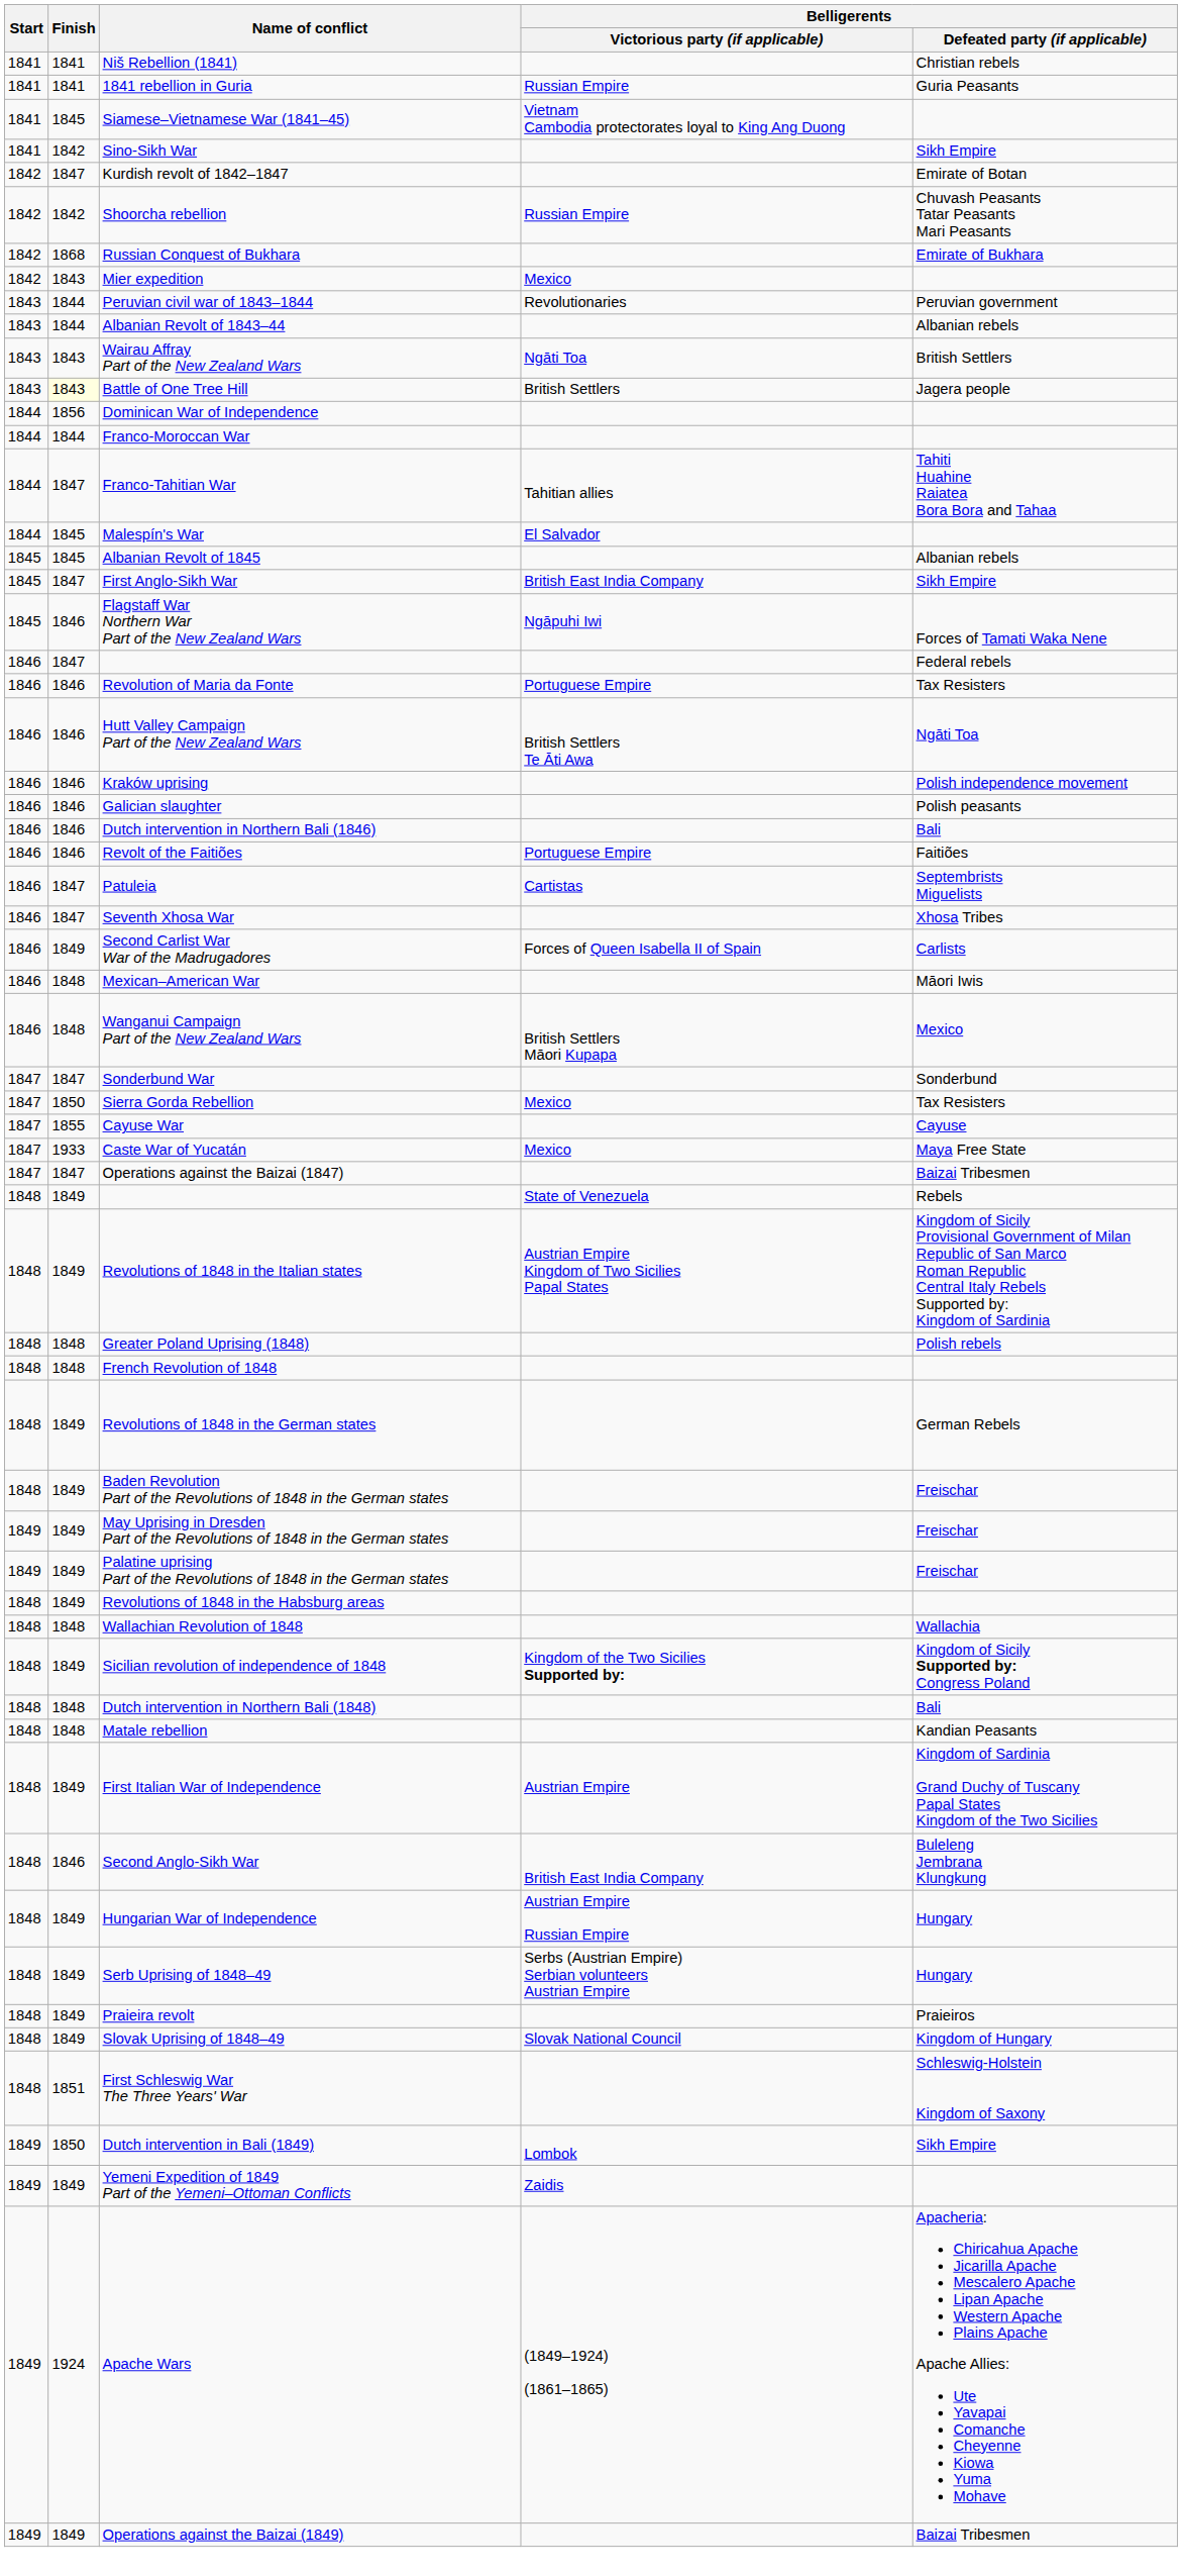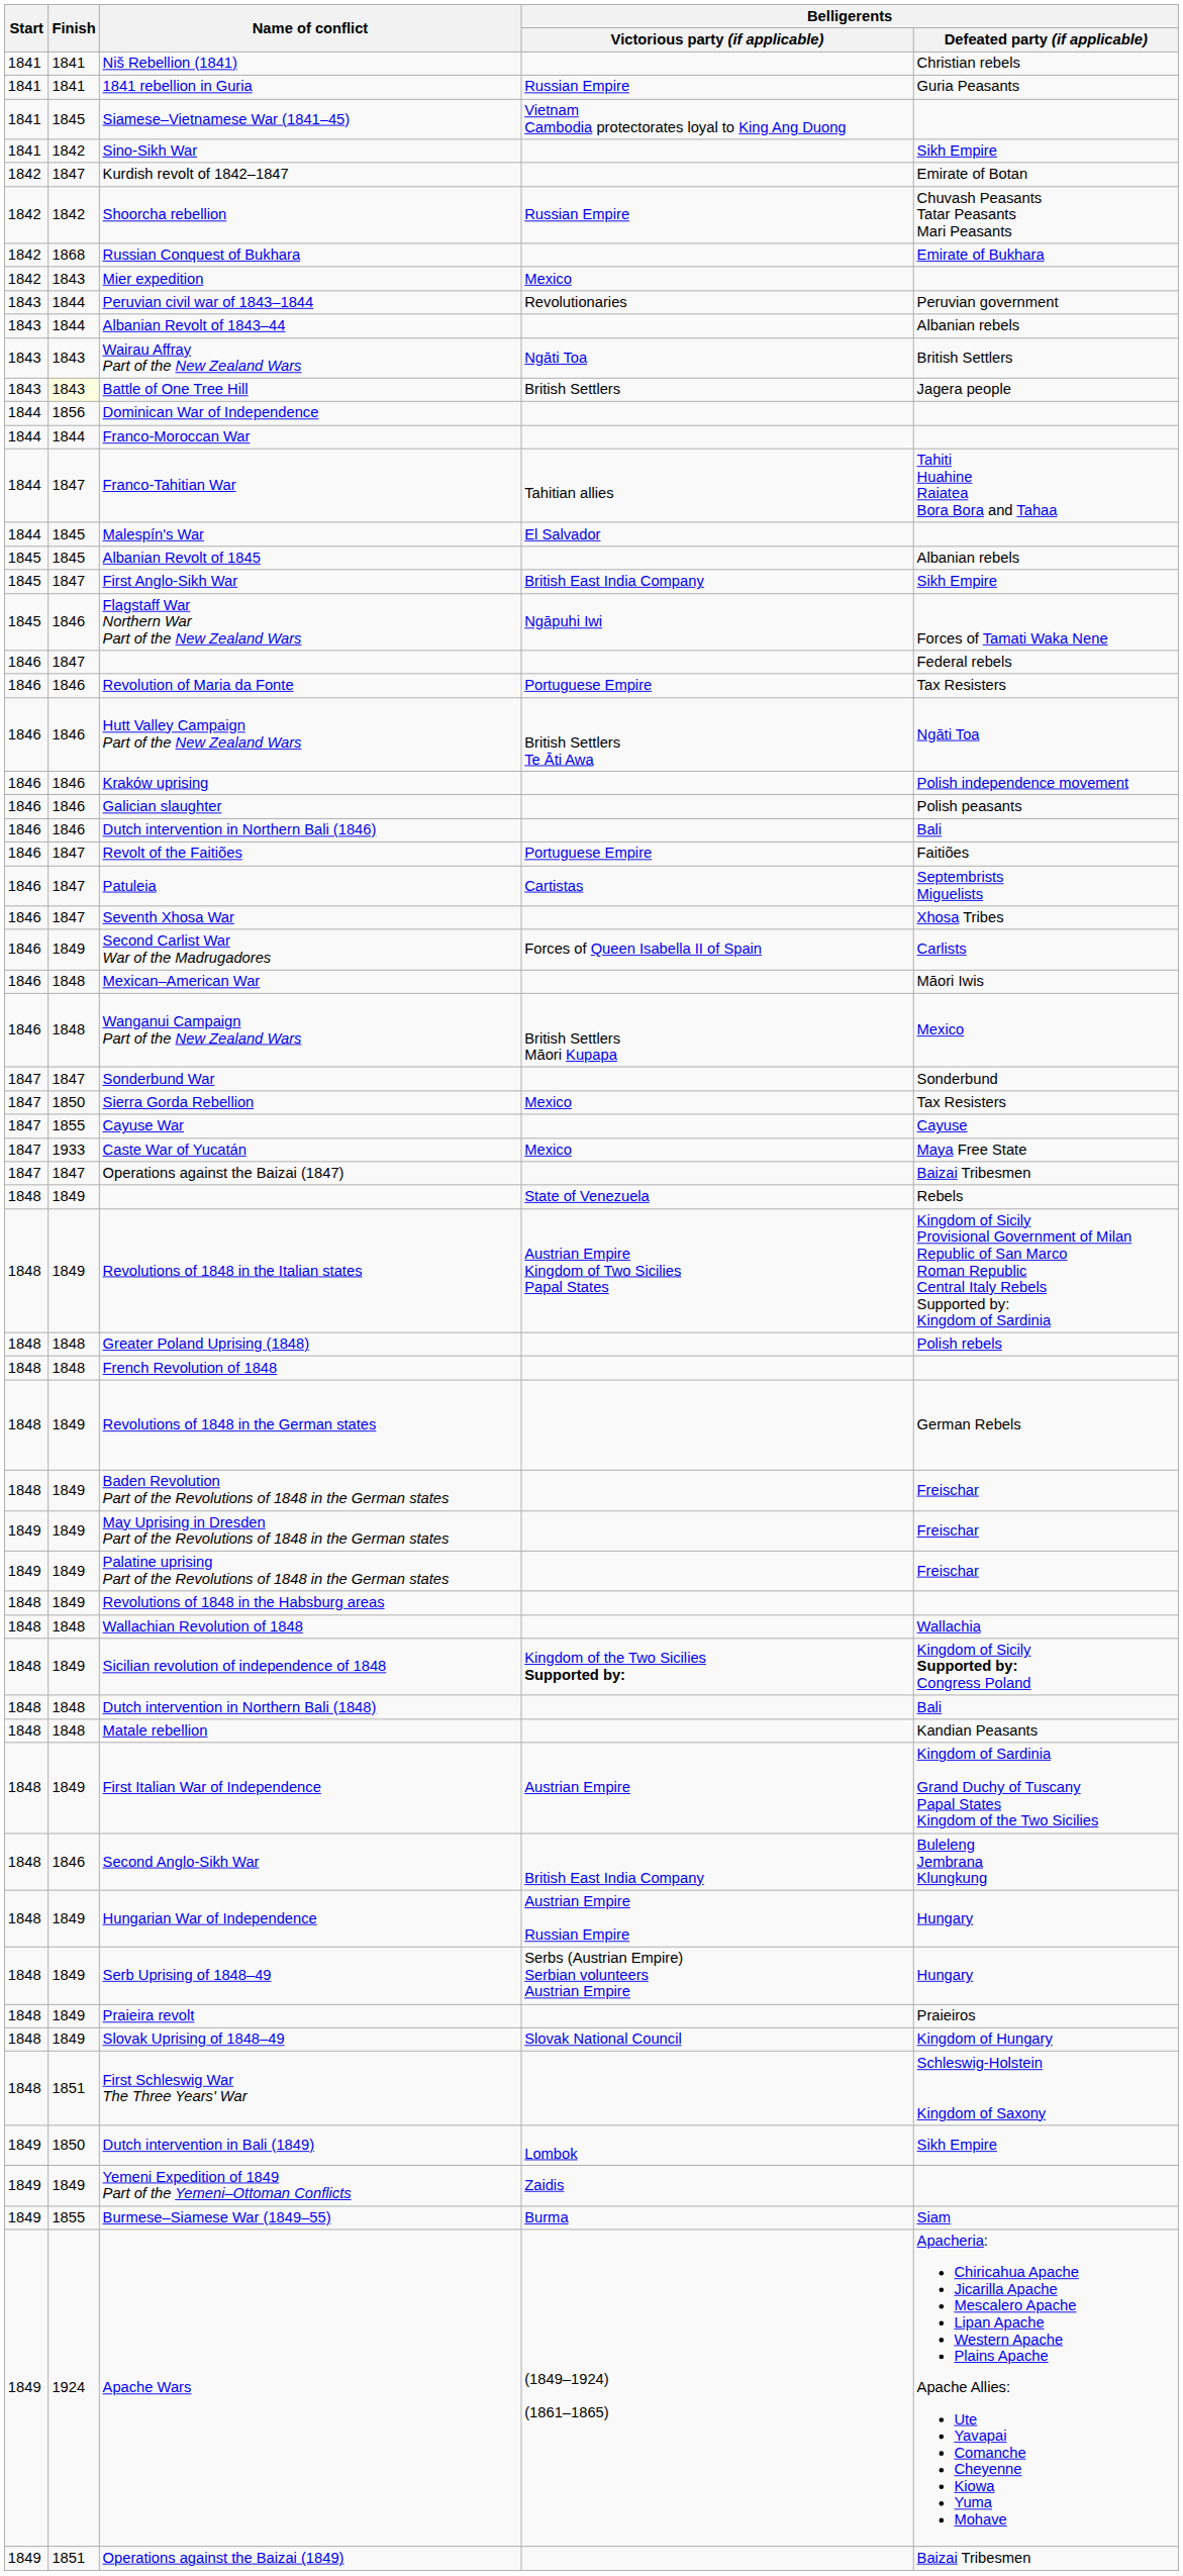 <table class="wikitable sortable" width="100%">
 <tr>
 <th rowspan="2" width="40">Start</th>
 <th rowspan="2" width="40">Finish</th>
 <th rowspan="2" class="unsortable">Name of conflict</th>
 <th colspan="2" class="unsortable">Belligerents</th>
 </tr>
 <tr>
 <th>Victorious party <em>(if applicable)</em></th>
 <th>Defeated party <em>(if applicable)</em></th>
 </tr>
 <tr>
 <td>1841</td>
 <td>1841</td>
 <td><a href='#'>Niš Rebellion (1841)</a></td>
 <td></td>
 <td>Christian rebels</td>
 </tr>
 <tr>
 <td>1841</td>
 <td>1841</td>
 <td><a href='#'>1841 rebellion in Guria</a></td>
 <td> <a href='#'>Russian Empire</a></td>
 <td>Guria Peasants</td>
 </tr>
 <tr>
 <td>1841</td>
 <td>1845</td>
 <td><a href='#'>Siamese–Vietnamese War (1841–45)</a></td>
 <td><a href='#'>Vietnam</a> <br> <a href='#'>Cambodia</a> protectorates loyal to <a href='#'>King Ang Duong</a></td>
 </tr>
 <tr>
 <td>1841</td>
 <td>1842</td>
 <td><a href='#'>Sino-Sikh War</a></td>
 <td></td>
 <td> <a href='#'>Sikh Empire</a></td>
 </tr>
 <tr>
 <td>1842</td>
 <td>1847</td>
 <td>Kurdish revolt of 1842–1847</td>
 <td></td>
 <td>Emirate of Botan</td>
 </tr>
 <tr>
 <td>1842</td>
 <td>1842</td>
 <td><a href='#'>Shoorcha rebellion</a></td>
 <td> <a href='#'>Russian Empire</a></td>
 <td>Chuvash Peasants <br> Tatar Peasants <br> Mari Peasants</td>
 </tr>
 <tr>
 <td>1842</td>
 <td>1868</td>
 <td><a href='#'>Russian Conquest of Bukhara</a></td>
 <td></td>
 <td> <a href='#'>Emirate of Bukhara</a></td>
 </tr>
 <tr>
 <td>1842</td>
 <td>1843</td>
 <td><a href='#'>Mier expedition</a></td>
 <td> <a href='#'>Mexico</a></td>
 <td></td>
 </tr>
 <tr>
 <td>1843</td>
 <td>1844</td>
 <td><a href='#'>Peruvian civil war of 1843–1844</a></td>
 <td>Revolutionaries</td>
 <td>Peruvian government</td>
 </tr>
 <tr>
 <td>1843</td>
 <td>1844</td>
 <td><a href='#'>Albanian Revolt of 1843–44</a></td>
 <td></td>
 <td>Albanian rebels</td>
 </tr>
 <tr>
 <td>1843</td>
 <td>1843</td>
 <td><a href='#'>Wairau Affray</a><br><em>Part of the <a href='#'>New Zealand Wars</a></em></td>
 <td> <a href='#'>Ngāti Toa</a></td>
 <td> British Settlers</td>
 </tr>
 <tr>
 <td>1843</td>
 <td style="background: lightyellow;">1843</td>
 <td><a href='#'>Battle of One Tree Hill</a></td>
 <td> British Settlers</td>
 <td>Jagera people</td>
 </tr>
 <tr>
 <td>1844</td>
 <td>1856</td>
 <td><a href='#'>Dominican War of Independence</a></td>
 <td></td>
 <td></td>
 </tr>
 <tr>
 <td>1844</td>
 <td>1844</td>
 <td><a href='#'>Franco-Moroccan War</a></td>
 <td></td>
 <td></td>
 </tr>
 <tr>
 <td>1844</td>
 <td>1847</td>
 <td><a href='#'>Franco-Tahitian War</a></td>
 <td><br>Tahitian allies</td>
 <td> <a href='#'>Tahiti</a><br> <a href='#'>Huahine</a><br> <a href='#'>Raiatea</a><br> <a href='#'>Bora Bora</a> and <a href='#'>Tahaa</a></td>
 </tr>
 <tr>
 <td>1844</td>
 <td>1845</td>
 <td><a href='#'>Malespín's War</a></td>
 <td> <a href='#'>El Salvador</a><br></td>
 <td></td>
 </tr>
 <tr>
 <td>1845</td>
 <td>1845</td>
 <td><a href='#'>Albanian Revolt of 1845</a></td>
 <td></td>
 <td>Albanian rebels</td>
 </tr>
 <tr>
 <td>1845</td>
 <td>1847</td>
 <td><a href='#'>First Anglo-Sikh War</a></td>
 <td> <a href='#'>British East India Company</a></td>
 <td> <a href='#'>Sikh Empire</a></td>
 </tr>
 <tr>
 <td>1845</td>
 <td>1846</td>
 <td><a href='#'>Flagstaff War</a><br><em>Northern War</em><br><em>Part of the <a href='#'>New Zealand Wars</a></em></td>
 <td> <a href='#'>Ngāpuhi Iwi</a></td>
 <td><br><br> Forces of <a href='#'>Tamati Waka Nene</a></td>
 </tr>
 <tr>
 <td>1846</td>
 <td>1847</td>
 <td></td>
 <td></td>
 <td> Federal rebels</td>
 </tr>
 <tr>
 <td>1846</td>
 <td>1846</td>
 <td><a href='#'>Revolution of Maria da Fonte</a></td>
 <td> <a href='#'>Portuguese Empire</a></td>
 <td>Tax Resisters</td>
 </tr>
 <tr>
 <td>1846</td>
 <td>1846</td>
 <td><a href='#'>Hutt Valley Campaign</a><br><em>Part of the <a href='#'>New Zealand Wars</a></em></td>
 <td><br><br> British Settlers<br>  <a href='#'>Te Āti Awa</a></td>
 <td> <a href='#'>Ngāti Toa</a><br></td>
 </tr>
 <tr>
 <td>1846</td>
 <td>1846</td>
 <td><a href='#'>Kraków uprising</a></td>
 <td></td>
 <td> <a href='#'>Polish independence movement</a></td>
 </tr>
 <tr>
 <td>1846</td>
 <td>1846</td>
 <td><a href='#'>Galician slaughter</a></td>
 <td></td>
 <td>Polish peasants</td>
 </tr>
 <tr>
 <td>1846</td>
 <td>1846</td>
 <td><a href='#'>Dutch intervention in Northern Bali (1846)</a></td>
 <td></td>
 <td><a href='#'>Bali</a></td>
 </tr>
 <tr>
 <td>1846</td>
-<td>1846</td>
+<td>1847</td>
 <td><a href='#'>Revolt of the Faitiões</a></td>
 <td> <a href='#'>Portuguese Empire</a></td>
 <td>Faitiões</td>
 </tr>
 <tr>
 <td>1846</td>
 <td>1847</td>
 <td><a href='#'>Patuleia</a></td>
 <td><a href='#'>Cartistas</a></td>
 <td><a href='#'>Septembrists</a> <br> <a href='#'>Miguelists</a></td>
 </tr>
 <tr>
 <td>1846</td>
 <td>1847</td>
 <td><a href='#'>Seventh Xhosa War</a></td>
 <td></td>
 <td><a href='#'>Xhosa</a> Tribes</td>
 </tr>
 <tr>
 <td>1846</td>
 <td>1849</td>
 <td><a href='#'>Second Carlist War</a><br><em>War of the Madrugadores</em></td>
 <td> Forces of <a href='#'>Queen Isabella II of Spain</a></td>
 <td> <a href='#'>Carlists</a></td>
 </tr>
 <tr>
 <td>1846</td>
 <td>1848</td>
 <td><a href='#'>Mexican–American War</a></td>
 <td></td>
 <td> Māori Iwis</td>
 </tr>
 <tr>
 <td>1846</td>
 <td>1848</td>
 <td><a href='#'>Wanganui Campaign</a><br><em>Part of the <a href='#'>New Zealand Wars</a></em></td>
 <td><br><br> British Settlers<br>  Māori <a href='#'>Kupapa</a></td>
 <td> <a href='#'>Mexico</a></td>
 </tr>
 <tr>
 <td>1847</td>
 <td>1847</td>
 <td><a href='#'>Sonderbund War</a></td>
 <td></td>
 <td>Sonderbund</td>
 </tr>
 <tr>
 <td>1847</td>
 <td>1850</td>
 <td><a href='#'>Sierra Gorda Rebellion</a></td>
 <td> <a href='#'>Mexico</a></td>
 <td>Tax Resisters</td>
 </tr>
 <tr>
 <td>1847</td>
 <td>1855</td>
 <td><a href='#'>Cayuse War</a></td>
 <td></td>
 <td><a href='#'>Cayuse</a></td>
 </tr>
 <tr>
 <td>1847</td>
 <td>1933</td>
 <td><a href='#'>Caste War of Yucatán</a></td>
 <td> <a href='#'>Mexico</a></td>
 <td><a href='#'>Maya</a> Free State</td>
 </tr>
 <tr>
 <td>1847</td>
 <td>1847</td>
 <td>Operations against the Baizai (1847)</td>
 <td></td>
 <td><a href='#'>Baizai</a> Tribesmen</td>
 </tr>
 <tr>
 <td>1848</td>
 <td>1849</td>
 <td></td>
 <td><a href='#'>State of Venezuela</a></td>
 <td>Rebels</td>
 </tr>
 <tr>
 <td>1848</td>
 <td>1849</td>
 <td><a href='#'>Revolutions of 1848 in the Italian states</a></td>
 <td> <a href='#'>Austrian Empire</a><br> <a href='#'>Kingdom of Two Sicilies</a><br> <a href='#'>Papal States</a></td>
 <td> <a href='#'>Kingdom of Sicily</a><br> <a href='#'>Provisional Government of Milan</a><br> <a href='#'>Republic of San Marco</a><br> <a href='#'>Roman Republic</a><br> <a href='#'>Central Italy Rebels</a><br>Supported by:<br> <a href='#'>Kingdom of Sardinia</a></td>
 </tr>
 <tr>
 <td>1848</td>
 <td>1848</td>
 <td><a href='#'>Greater Poland Uprising (1848)</a></td>
 <td></td>
 <td><a href='#'>Polish rebels</a></td>
 </tr>
 <tr>
 <td>1848</td>
 <td>1848</td>
 <td><a href='#'>French Revolution of 1848</a></td>
 <td></td>
 <td></td>
 </tr>
 <tr>
 <td>1848</td>
 <td>1849</td>
 <td><a href='#'>Revolutions of 1848 in the German states</a></td>
 <td><br><br><br><br><br></td>
 <td>German Rebels</td>
 </tr>
 <tr>
 <td>1848</td>
 <td>1849</td>
 <td><a href='#'>Baden Revolution</a> <br> <em>Part of the Revolutions of 1848 in the German states</em></td>
 <td></td>
 <td><a href='#'>Freischar</a></td>
 </tr>
 <tr>
 <td>1849</td>
 <td>1849</td>
 <td><a href='#'>May Uprising in Dresden</a> <br> <em>Part of the Revolutions of 1848 in the German states</em></td>
 <td><br></td>
 <td><a href='#'>Freischar</a></td>
 </tr>
 <tr>
 <td>1849</td>
 <td>1849</td>
 <td><a href='#'>Palatine uprising</a> <br> <em>Part of the Revolutions of 1848 in the German states</em></td>
 <td></td>
 <td><a href='#'>Freischar</a></td>
 </tr>
 <tr>
 <td>1848</td>
 <td>1849</td>
 <td><a href='#'>Revolutions of 1848 in the Habsburg areas</a></td>
 <td></td>
 <td></td>
 </tr>
 <tr>
 <td>1848</td>
 <td>1848</td>
 <td><a href='#'>Wallachian Revolution of 1848</a></td>
 <td><br></td>
 <td> <a href='#'>Wallachia</a></td>
 </tr>
 <tr>
 <td>1848</td>
 <td>1849</td>
 <td><a href='#'>Sicilian revolution of independence of 1848</a></td>
 <td> <a href='#'>Kingdom of the Two Sicilies</a><br><strong>Supported by:</strong><br></td>
 <td> <a href='#'>Kingdom of Sicily</a><br><strong>Supported by:</strong><br> <a href='#'>Congress Poland</a></td>
 </tr>
 <tr>
 <td>1848</td>
 <td>1848</td>
 <td><a href='#'>Dutch intervention in Northern Bali (1848)</a></td>
 <td></td>
 <td><a href='#'>Bali</a></td>
 </tr>
 <tr>
 <td>1848</td>
 <td>1848</td>
 <td><a href='#'>Matale rebellion</a></td>
 <td></td>
 <td>Kandian Peasants</td>
 </tr>
 <tr>
 <td>1848</td>
 <td>1849</td>
 <td><a href='#'>First Italian War of Independence</a></td>
 <td> <a href='#'>Austrian Empire</a></td>
 <td> <a href='#'>Kingdom of Sardinia</a><br><br> <a href='#'>Grand Duchy of Tuscany</a><br>  <a href='#'>Papal States</a><br>  <a href='#'>Kingdom of the Two Sicilies</a></td>
 </tr>
 <tr>
 <td>1848</td>
 <td>1846</td>
 <td><a href='#'>Second Anglo-Sikh War</a></td>
 <td><br><br> <a href='#'>British East India Company</a></td>
 <td><a href='#'>Buleleng</a><br> <a href='#'>Jembrana</a><br> <a href='#'>Klungkung</a></td>
 </tr>
 <tr>
 <td>1848</td>
 <td>1849</td>
 <td><a href='#'>Hungarian War of Independence</a></td>
 <td> <a href='#'>Austrian Empire</a><br><br> <a href='#'>Russian Empire</a></td>
 <td> <a href='#'>Hungary</a></td>
 </tr>
 <tr>
 <td>1848</td>
 <td>1849</td>
 <td><a href='#'>Serb Uprising of 1848–49</a></td>
 <td> Serbs (Austrian Empire)<br> <a href='#'>Serbian volunteers</a><br>  <a href='#'>Austrian Empire</a></td>
 <td> <a href='#'>Hungary</a></td>
 </tr>
 <tr>
 <td>1848</td>
 <td>1849</td>
 <td><a href='#'>Praieira revolt</a></td>
 <td></td>
 <td>Praieiros</td>
 </tr>
 <tr>
 <td>1848</td>
 <td>1849</td>
 <td><a href='#'>Slovak Uprising of 1848–49</a></td>
 <td> <a href='#'>Slovak National Council</a></td>
 <td> <a href='#'>Kingdom of Hungary</a></td>
 </tr>
 <tr>
 <td>1848</td>
 <td>1851</td>
 <td><a href='#'>First Schleswig War</a><br><em>The Three Years' War</em></td>
 <td></td>
 <td><a href='#'>Schleswig-Holstein</a><br><br><br>  <a href='#'>Kingdom of Saxony</a></td>
 </tr>
 <tr>
 <td>1849</td>
 <td>1850</td>
 <td><a href='#'>Dutch intervention in Bali (1849)</a></td>
 <td><br><a href='#'>Lombok</a></td>
 <td> <a href='#'>Sikh Empire</a></td>
 </tr>
 <tr>
 <td>1849</td>
 <td>1849</td>
 <td><a href='#'>Yemeni Expedition of 1849</a><br><em>Part of the <a href='#'>Yemeni–Ottoman Conflicts</a></em></td>
 <td><a href='#'>Zaidis</a></td>
 <td></td>
 </tr>
 <tr>
 <td>1849</td>
+<td>1855</td>
+<td><a href='#'>Burmese–Siamese War (1849–55)</a></td>
+<td><a href='#'>Burma</a></td>
+<td> <a href='#'>Siam</a></td>
+</tr>
+<tr>
+<td>1849</td>
 <td>1924</td>
 <td><a href='#'>Apache Wars</a></td>
 <td><br>(1849–1924)<br><br>(1861–1865)</td>
 <td><a href='#'>Apacheria</a>:<br><ul><li><a href='#'>Chiricahua Apache</a></li><li><a href='#'>Jicarilla Apache</a></li><li><a href='#'>Mescalero Apache</a></li><li><a href='#'>Lipan Apache</a></li><li><a href='#'>Western Apache</a></li><li><a href='#'>Plains Apache</a></li></ul>Apache Allies:<ul><li><a href='#'>Ute</a></li><li><a href='#'>Yavapai</a></li><li><a href='#'>Comanche</a></li><li><a href='#'>Cheyenne</a></li><li><a href='#'>Kiowa</a></li><li><a href='#'>Yuma</a></li><li><a href='#'>Mohave</a></li></ul></td>
 </tr>
 <tr>
 <td>1849</td>
-<td>1849</td>
+<td>1851</td>
 <td><a href='#'>Operations against the Baizai (1849)</a></td>
 <td></td>
 <td><a href='#'>Baizai</a> Tribesmen</td>
 </tr>
 </table>
